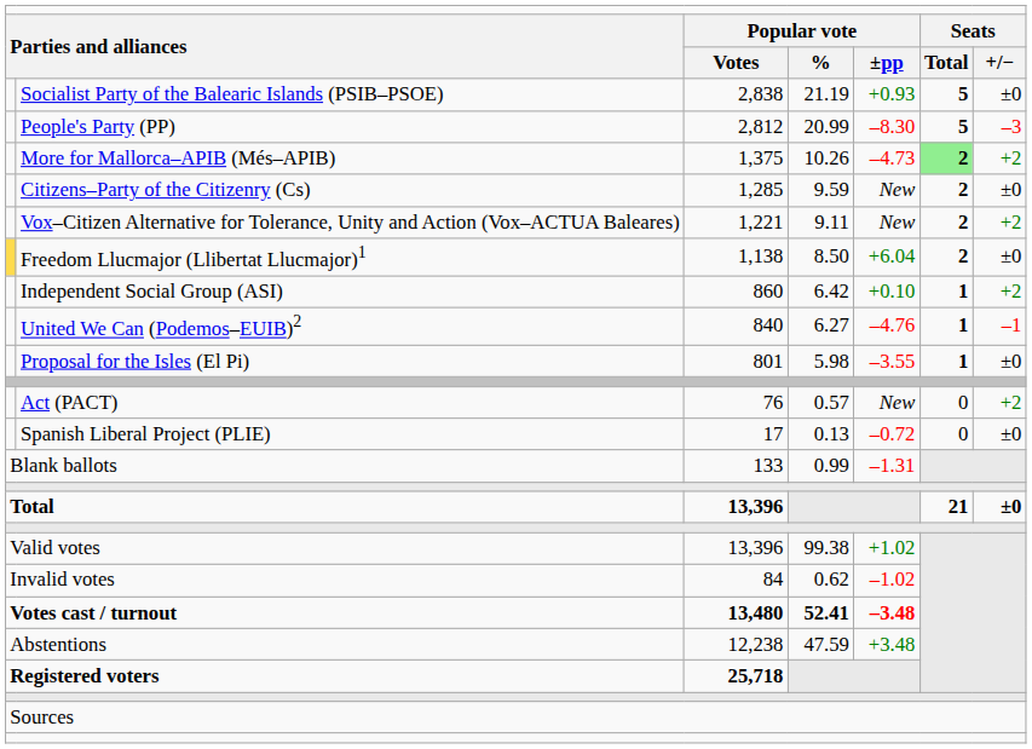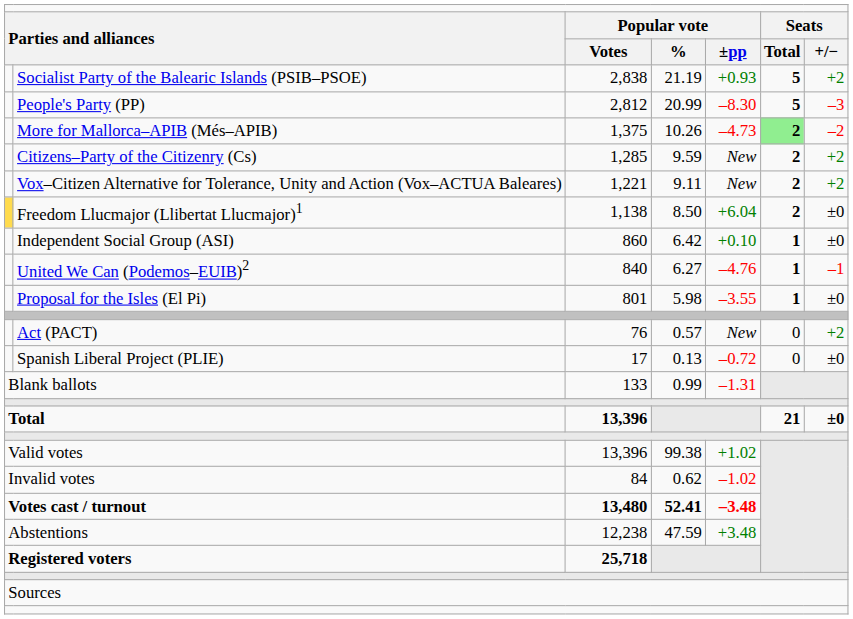 <table class="wikitable" style="text-align:right;">
 <tr>
 <td colspan="7"></td>
 </tr>
 <tr>
 <th style="text-align:left;" rowspan="2" colspan="2" width="525">Parties and alliances</th>
 <th colspan="3">Popular vote</th>
 <th colspan="2">Seats</th>
 </tr>
 <tr>
 <th width="75">Votes</th>
 <th width="45">%</th>
 <th width="45">±<a href='#'>pp</a></th>
 <th width="35">Total</th>
 <th width="35">+/−</th>
 </tr>
 <tr>
 <td width="1" style="color:inherit;background:"></td>
 <td align="left"><a href='#'>Socialist Party of the Balearic Islands</a> (PSIB–PSOE)</td>
 <td>2,838</td>
 <td>21.19</td>
 <td style="color:green;">+0.93</td>
 <td><strong>5</strong></td>
-<td>±0</td>
+<td style="color:green;">+2</td>
 </tr>
 <tr>
 <td style="color:inherit;background:"></td>
 <td align="left"><a href='#'>People's Party</a> (PP)</td>
 <td>2,812</td>
 <td>20.99</td>
 <td style="color:red;">–8.30</td>
 <td><strong>5</strong></td>
 <td style="color:red;">–3</td>
 </tr>
 <tr>
 <td style="color:inherit;background:"></td>
 <td align="left"><a href='#'>More for Mallorca–APIB</a> (Més–APIB)</td>
 <td>1,375</td>
 <td>10.26</td>
 <td style="color:red;">–4.73</td>
 <td style="background: lightgreen;"><strong>2</strong></td>
-<td style="color:green;">+2</td>
+<td style="color:red;">–2</td>
 </tr>
 <tr>
 <td style="color:inherit;background:"></td>
 <td align="left"><a href='#'>Citizens–Party of the Citizenry</a> (Cs)</td>
 <td>1,285</td>
 <td>9.59</td>
 <td><em>New</em></td>
 <td><strong>2</strong></td>
-<td>±0</td>
+<td style="color:green;">+2</td>
 </tr>
 <tr>
 <td style="color:inherit;background:"></td>
 <td align="left"><a href='#'>Vox</a>–Citizen Alternative for Tolerance, Unity and Action (Vox–ACTUA Baleares)</td>
 <td>1,221</td>
 <td>9.11</td>
 <td><em>New</em></td>
 <td><strong>2</strong></td>
 <td style="color:green;">+2</td>
 </tr>
 <tr>
 <td bgcolor="#FFDB4D"></td>
 <td align="left">Freedom Llucmajor (Llibertat Llucmajor)<sup>1</sup></td>
 <td>1,138</td>
 <td>8.50</td>
 <td style="color:green;">+6.04</td>
 <td><strong>2</strong></td>
 <td>±0</td>
 </tr>
 <tr>
 <td style="color:inherit;background:"></td>
 <td align="left">Independent Social Group (ASI)</td>
 <td>860</td>
 <td>6.42</td>
 <td style="color:green;">+0.10</td>
 <td><strong>1</strong></td>
-<td style="color:green;">+2</td>
+<td>±0</td>
 </tr>
 <tr>
 <td style="color:inherit;background:"></td>
 <td align="left"><a href='#'>United We Can</a> (<a href='#'>Podemos</a>–<a href='#'>EUIB</a>)<sup>2</sup></td>
 <td>840</td>
 <td>6.27</td>
 <td style="color:red;">–4.76</td>
 <td><strong>1</strong></td>
 <td style="color:red;">–1</td>
 </tr>
 <tr>
 <td style="color:inherit;background:"></td>
 <td align="left"><a href='#'>Proposal for the Isles</a> (El Pi)</td>
 <td>801</td>
 <td>5.98</td>
 <td style="color:red;">–3.55</td>
 <td><strong>1</strong></td>
 <td>±0</td>
 </tr>
 <tr>
 <td colspan="7" bgcolor="#C0C0C0"></td>
 </tr>
 <tr>
 <td style="color:inherit;background:"></td>
 <td align="left"><a href='#'>Act</a> (PACT)</td>
 <td>76</td>
 <td>0.57</td>
 <td><em>New</em></td>
 <td>0</td>
 <td style="color:green;">+2</td>
 </tr>
 <tr>
 <td style="color:inherit;background:"></td>
 <td align="left">Spanish Liberal Project (PLIE)</td>
 <td>17</td>
 <td>0.13</td>
 <td style="color:red;">–0.72</td>
 <td>0</td>
 <td>±0</td>
 </tr>
 <tr>
 <td align="left" colspan="2">Blank ballots</td>
 <td>133</td>
 <td>0.99</td>
 <td style="color:red;">–1.31</td>
 <td bgcolor="#E9E9E9" colspan="2"></td>
 </tr>
 <tr>
 <td colspan="7" bgcolor="#E9E9E9"></td>
 </tr>
 <tr style="font-weight:bold;">
 <td align="left" colspan="2">Total</td>
 <td>13,396</td>
 <td bgcolor="#E9E9E9" colspan="2"></td>
 <td>21</td>
 <td>±0</td>
 </tr>
 <tr>
 <td colspan="7" bgcolor="#E9E9E9"></td>
 </tr>
 <tr>
 <td align="left" colspan="2">Valid votes</td>
 <td>13,396</td>
 <td>99.38</td>
 <td style="color:green;">+1.02</td>
 <td bgcolor="#E9E9E9" colspan="2" rowspan="5"></td>
 </tr>
 <tr>
 <td align="left" colspan="2">Invalid votes</td>
 <td>84</td>
 <td>0.62</td>
 <td style="color:red;">–1.02</td>
 </tr>
 <tr style="font-weight:bold;">
 <td align="left" colspan="2">Votes cast / turnout</td>
 <td>13,480</td>
 <td>52.41</td>
 <td style="color:red;">–3.48</td>
 </tr>
 <tr>
 <td align="left" colspan="2">Abstentions</td>
 <td>12,238</td>
 <td>47.59</td>
 <td style="color:green;">+3.48</td>
 </tr>
 <tr style="font-weight:bold;">
 <td align="left" colspan="2">Registered voters</td>
 <td>25,718</td>
 <td bgcolor="#E9E9E9" colspan="2"></td>
 </tr>
 <tr>
 <td colspan="7" bgcolor="#E9E9E9"></td>
 </tr>
 <tr>
 <td align="left" colspan="7">Sources</td>
 </tr>
 <tr>
 <td colspan="7" style="text-align:left; max-width:790px;"></td>
 </tr>
 </table>
